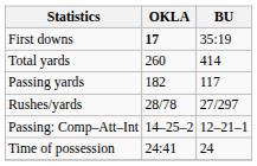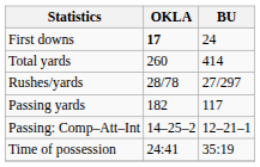 <table class="wikitable" style="float: left;">
 <tr>
 <th>Statistics</th>
 <th>OKLA</th>
 <th>BU</th>
 </tr>
 <tr>
 <td>First downs</td>
 <td><strong>17</strong></td>
-<td>35:19</td>
+<td>24</td>
 </tr>
 <tr>
 <td>Total yards</td>
 <td>260</td>
 <td>414</td>
 </tr>
 <tr>
+<td>Rushes/yards</td>
+<td>28/78</td>
+<td>27/297</td>
+</tr>
+<tr>
 <td>Passing yards</td>
 <td>182</td>
 <td>117</td>
-</tr>
-<tr>
-<td>Rushes/yards</td>
-<td>28/78</td>
-<td>27/297</td>
 </tr>
 <tr>
 <td>Passing: Comp–Att–Int</td>
 <td>14–25–2</td>
 <td>12–21–1</td>
 </tr>
 <tr>
 <td>Time of possession</td>
 <td>24:41</td>
-<td>24</td>
+<td>35:19</td>
 </tr>
 <tr>
 </tr>
 </table>
